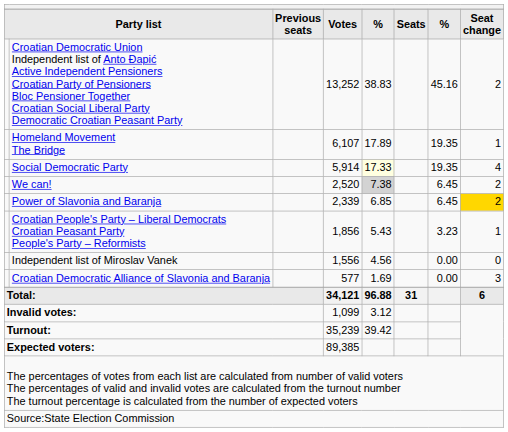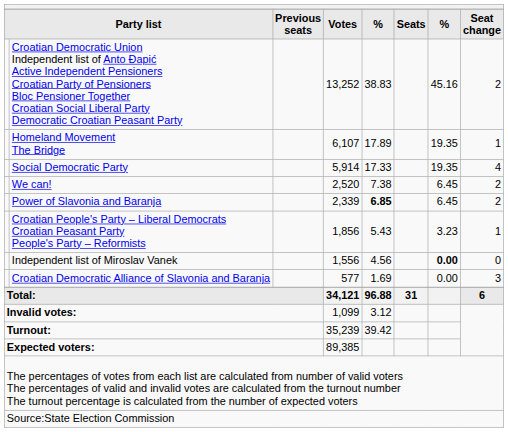 <table class="wikitable" border="1">
 <tr>
 <th colspan=8></th>
 </tr>
 <tr>
 </tr>
 <tr style="background-color:#C9C9C9">
 <th style="background-color:#E9E9E9" align= center colspan="2">Party list</th>
 <th style="background-color:#E9E9E9" align= center>Previous<br>seats</th>
 <th style="background-color:#E9E9E9" align= center>Votes</th>
 <th style="background-color:#E9E9E9" align= center>%</th>
 <th style="background-color:#E9E9E9" align= center>Seats</th>
 <th style="background-color:#E9E9E9" align= center>%</th>
 <th style="background-color:#E9E9E9" align= center>Seat<br>change</th>
 </tr>
 <tr>
 <td></td>
 <td align="left"><a href='#'>Croatian Democratic Union</a><br>Independent list of <a href='#'>Anto Đapić</a><br><a href='#'>Active Independent Pensioners</a><br><a href='#'>Croatian Party of Pensioners</a><br><a href='#'>Bloc Pensioner Together</a><br><a href='#'>Croatian Social Liberal Party</a><br><a href='#'>Democratic Croatian Peasant Party</a></td>
 <td align="left"></td>
 <td align="right">13,252</td>
 <td align="right">38.83</td>
 <td align="left"></td>
 <td align="right">45.16</td>
 <td align="right"> 2</td>
 </tr>
 <tr>
 <td></td>
 <td align="left"><a href='#'>Homeland Movement</a><br><a href='#'>The Bridge</a></td>
 <td align="left"></td>
 <td align="right">6,107</td>
 <td align="right">17.89</td>
 <td align="left"></td>
 <td align="right">19.35</td>
 <td align="right"> 1</td>
 </tr>
 <tr>
 <td></td>
 <td align="left"><a href='#'>Social Democratic Party</a></td>
 <td align="left"></td>
 <td align="right">5,914</td>
-<td align="right" style="background: lightyellow;">17.33</td>
+<td align="right">17.33</td>
 <td align="left"></td>
 <td align="right">19.35</td>
 <td align="right"> 4</td>
 </tr>
 <tr>
 <td></td>
 <td align="left"><a href='#'>We can!</a></td>
 <td align="left"></td>
 <td align="right">2,520</td>
-<td align="right" style="background: lightgrey;">7.38</td>
+<td align="right">7.38</td>
 <td align="left"></td>
 <td align="right">6.45</td>
 <td align="right"> 2</td>
 </tr>
 <tr>
 <td></td>
 <td align="left"><a href='#'>Power of Slavonia and Baranja</a></td>
 <td align="left"></td>
 <td align="right">2,339</td>
-<td align="right">6.85</td>
+<td align="right"><strong>6.85</strong></td>
 <td align="left"></td>
 <td align="right">6.45</td>
-<td align="right" style="background: gold;"> 2</td>
+<td align="right"> 2</td>
 </tr>
 <tr>
 <td></td>
 <td align="left"><a href='#'>Croatian People's Party – Liberal Democrats</a><br><a href='#'>Croatian Peasant Party</a><br><a href='#'>People's Party – Reformists</a></td>
 <td align="left"></td>
 <td align="right">1,856</td>
 <td align="right">5.43</td>
 <td align="left"></td>
 <td align="right">3.23</td>
 <td align="right"> 1</td>
 </tr>
 <tr>
 <td></td>
 <td align="left">Independent list of Miroslav Vanek</td>
 <td align="left"></td>
 <td align="right">1,556</td>
 <td align="right">4.56</td>
 <td align="left"></td>
-<td align="right">0.00</td>
+<td align="right"><strong>0.00</strong></td>
 <td align="right"> 0</td>
 </tr>
 <tr>
 <td></td>
 <td align="left"><a href='#'>Croatian Democratic Alliance of Slavonia and Baranja</a></td>
 <td align="left"></td>
 <td align="right">577</td>
 <td align="right">1.69</td>
 <td align="left"></td>
 <td align="right">0.00</td>
 <td align="right"> 3</td>
 </tr>
 <tr>
 </tr>
 <tr style="background-color:#E9E9E9">
 <td colspan="3" align="left"><strong>Total:</strong></td>
 <th align="right">34,121</th>
 <th align="right">96.88</th>
 <th align="right">31</th>
 <th align="right"></th>
 <td align="center"><strong> 6</strong></td>
 </tr>
 <tr>
 <td colspan="3" align="left"><strong>Invalid votes:</strong></td>
 <td align="right">1,099</td>
 <td align="right">3.12</td>
 <td align="right"></td>
 <td align="right"></td>
 </tr>
 <tr>
 <td colspan="3" align="left"><strong>Turnout:</strong></td>
 <td align="right">35,239</td>
 <td align="right">39.42</td>
 <td align="right"></td>
 <td align="right"></td>
 </tr>
 <tr>
 <td colspan="3" align="left"><strong>Expected voters:</strong></td>
 <td align="right">89,385</td>
 <td align="right"></td>
 <td align="right"></td>
 <td align="right"></td>
 </tr>
 <tr>
 <td colspan="8" align="left"><br>The percentages of votes from each list are calculated from number of valid voters<br> The percentages of valid and invalid votes are calculated from the turnout number<br> The turnout percentage is calculated from the number of expected voters</td>
 </tr>
 <tr>
 <td colspan="8" align="left">Source:State Election Commission</td>
 </tr>
 </table>
